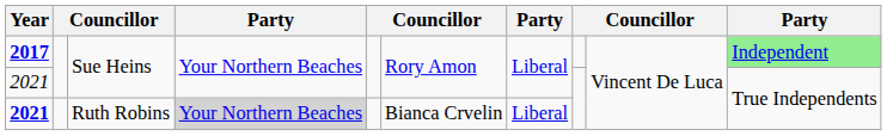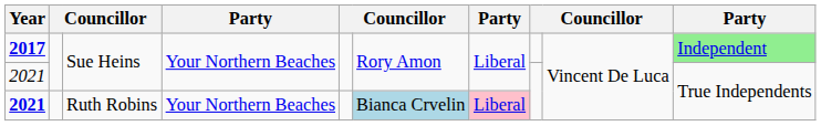 <table class="wikitable">
 <tr>
 <th>Year</th>
 <th colspan="2">Councillor</th>
 <th>Party</th>
 <th colspan="2">Councillor</th>
 <th>Party</th>
 <th colspan="2">Councillor</th>
 <th>Party</th>
 </tr>
 <tr>
 <td><strong><a href='#'>2017</a></strong></td>
 <td rowspan="2" width="1px" > </td>
 <td rowspan="2">Sue Heins</td>
 <td rowspan="2"><a href='#'>Your Northern Beaches</a></td>
 <td rowspan="2" width="1px" > </td>
 <td rowspan="2"><a href='#'>Rory Amon</a></td>
 <td rowspan="2"><a href='#'>Liberal</a></td>
 <td rowspan="1" width="1px" > </td>
 <td rowspan="3">Vincent De Luca</td>
 <td rowspan="1" style="background: lightgreen;"><a href='#'>Independent</a></td>
 </tr>
 <tr>
 <td><em>2021</em></td>
 <td rowspan="2" width="1px" > </td>
 <td rowspan="2">True Independents</td>
 </tr>
 <tr>
 <td><strong><a href='#'>2021</a></strong></td>
 <td rowspan="1" width="1px" > </td>
 <td rowspan="1">Ruth Robins</td>
-<td rowspan="1" style="background: lightgrey;"><a href='#'>Your Northern Beaches</a></td>
+<td rowspan="1"><a href='#'>Your Northern Beaches</a></td>
 <td rowspan="1" width="1px" > </td>
-<td rowspan="1">Bianca Crvelin</td>
-<td rowspan="1"><a href='#'>Liberal</a></td>
+<td rowspan="1" style="background: lightblue;">Bianca Crvelin</td>
+<td rowspan="1" style="background: pink;"><a href='#'>Liberal</a></td>
 </tr>
 </table>
